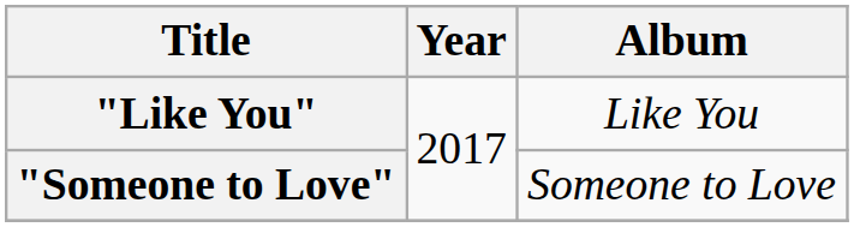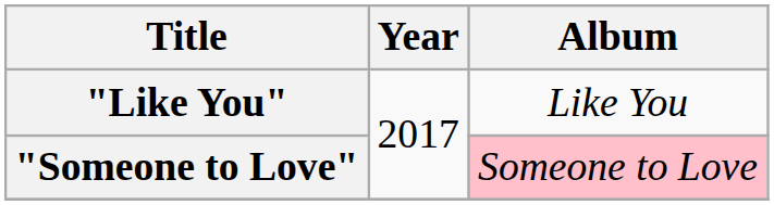 <table class="wikitable plainrowheaders" style="text-align:center;" border="1">
 <tr>
 <th scope="col">Title</th>
 <th scope="col">Year</th>
 <th scope="col">Album</th>
 </tr>
 <tr>
 <th scope="row">"Like You" </th>
 <td rowspan="2">2017</td>
 <td><em>Like You</em></td>
 </tr>
 <tr>
 <th scope="row">"Someone to Love" </th>
-<td><em>Someone to Love</em></td>
+<td style="background: pink;"><em>Someone to Love</em></td>
 </tr>
 <tr>
 </tr>
 </table>
